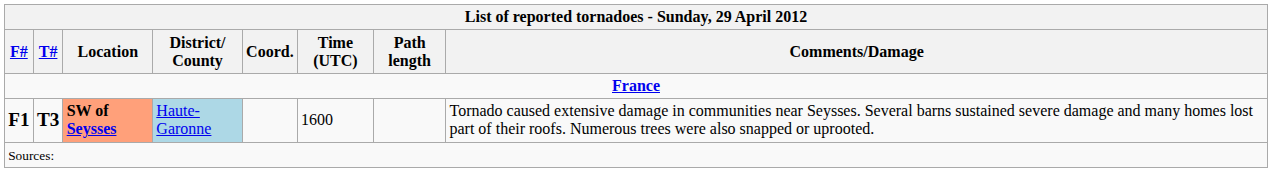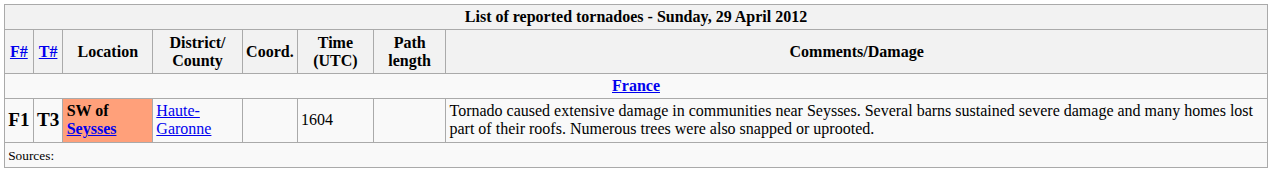 <table class="wikitable collapsible" width="100%">
 <tr>
 <th colspan="8">List of reported tornadoes - Sunday, 29 April 2012</th>
 </tr>
 <tr>
 <th><a href='#'>F#</a></th>
 <th><a href='#'>T#</a></th>
 <th>Location</th>
 <th>District/<br>County</th>
 <th>Coord.</th>
 <th>Time (UTC)</th>
 <th>Path length</th>
 <th>Comments/Damage</th>
 </tr>
 <tr>
 <td colspan="8" align=center><strong><a href='#'>France</a></strong></td>
 </tr>
 <tr>
 <td><big><strong>F1</strong></big></td>
 <td><big><strong>T3</strong></big></td>
 <td style="background: lightsalmon;"><strong>SW of <a href='#'>Seysses</a></strong></td>
-<td style="background: lightblue;"><a href='#'>Haute-Garonne</a></td>
+<td><a href='#'>Haute-Garonne</a></td>
 <td></td>
-<td>1600</td>
+<td>1604</td>
 <td></td>
 <td>Tornado caused extensive damage in communities near Seysses. Several barns sustained severe damage and many homes lost part of their roofs. Numerous trees were also snapped or uprooted.</td>
 </tr>
 <tr>
 <td colspan="8"><small>Sources:  </small></td>
 </tr>
 </table>
